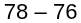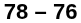 <table style="text-align:center;">
 <tr>
 <th width=200></th>
 <th width=100></th>
 <th width=200></th>
 <th></th>
 </tr>
 <tr>
 <td align=right><strong></strong></td>
-<td>78 – 76</td>
+<td><strong>78 – 76</strong></td>
 <td align=left></td>
 </tr>
 </table>
